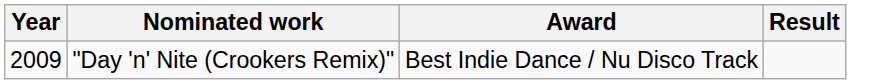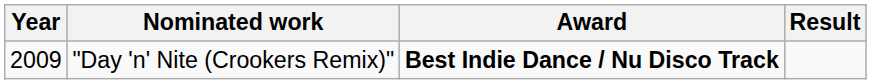 <table class="wikitable">
 <tr>
 <th>Year</th>
 <th>Nominated work</th>
 <th>Award</th>
 <th>Result</th>
 </tr>
 <tr>
 <td rowspan="3">2009</td>
 <td>"Day 'n' Nite (Crookers Remix)"</td>
-<td>Best Indie Dance / Nu Disco Track</td>
+<td><strong>Best Indie Dance / Nu Disco Track</strong></td>
 <td></td>
 </tr>
 </table>
